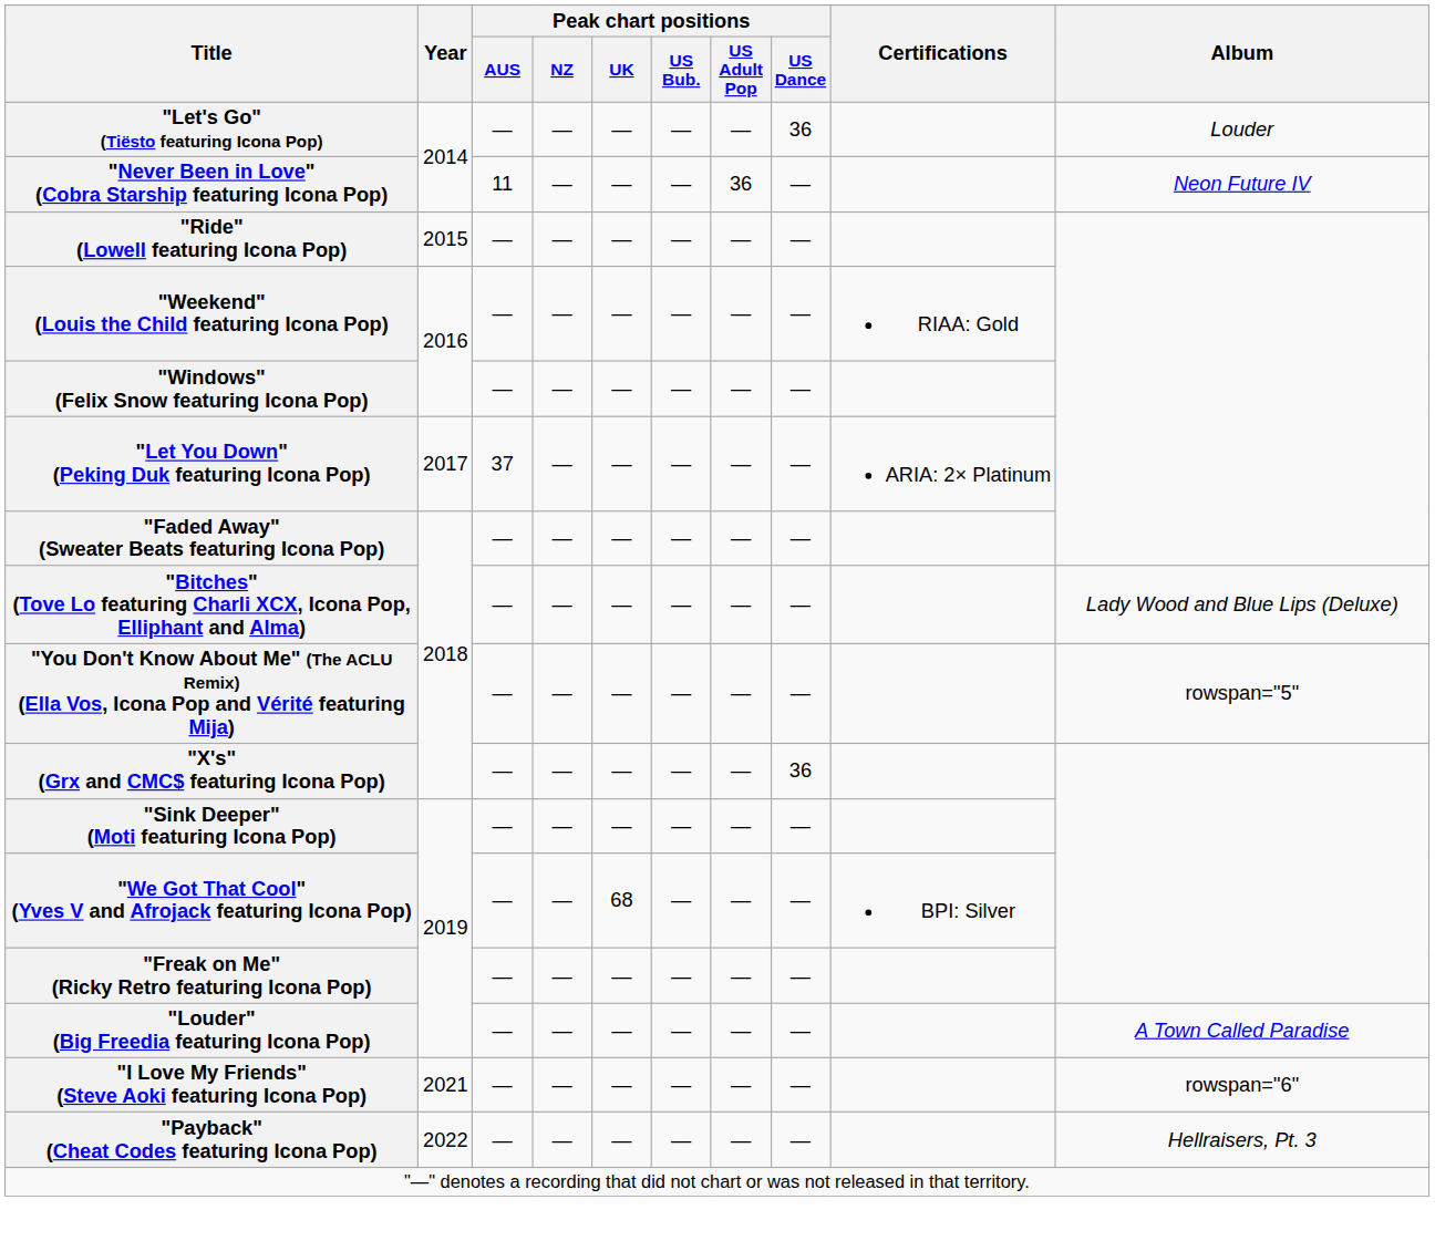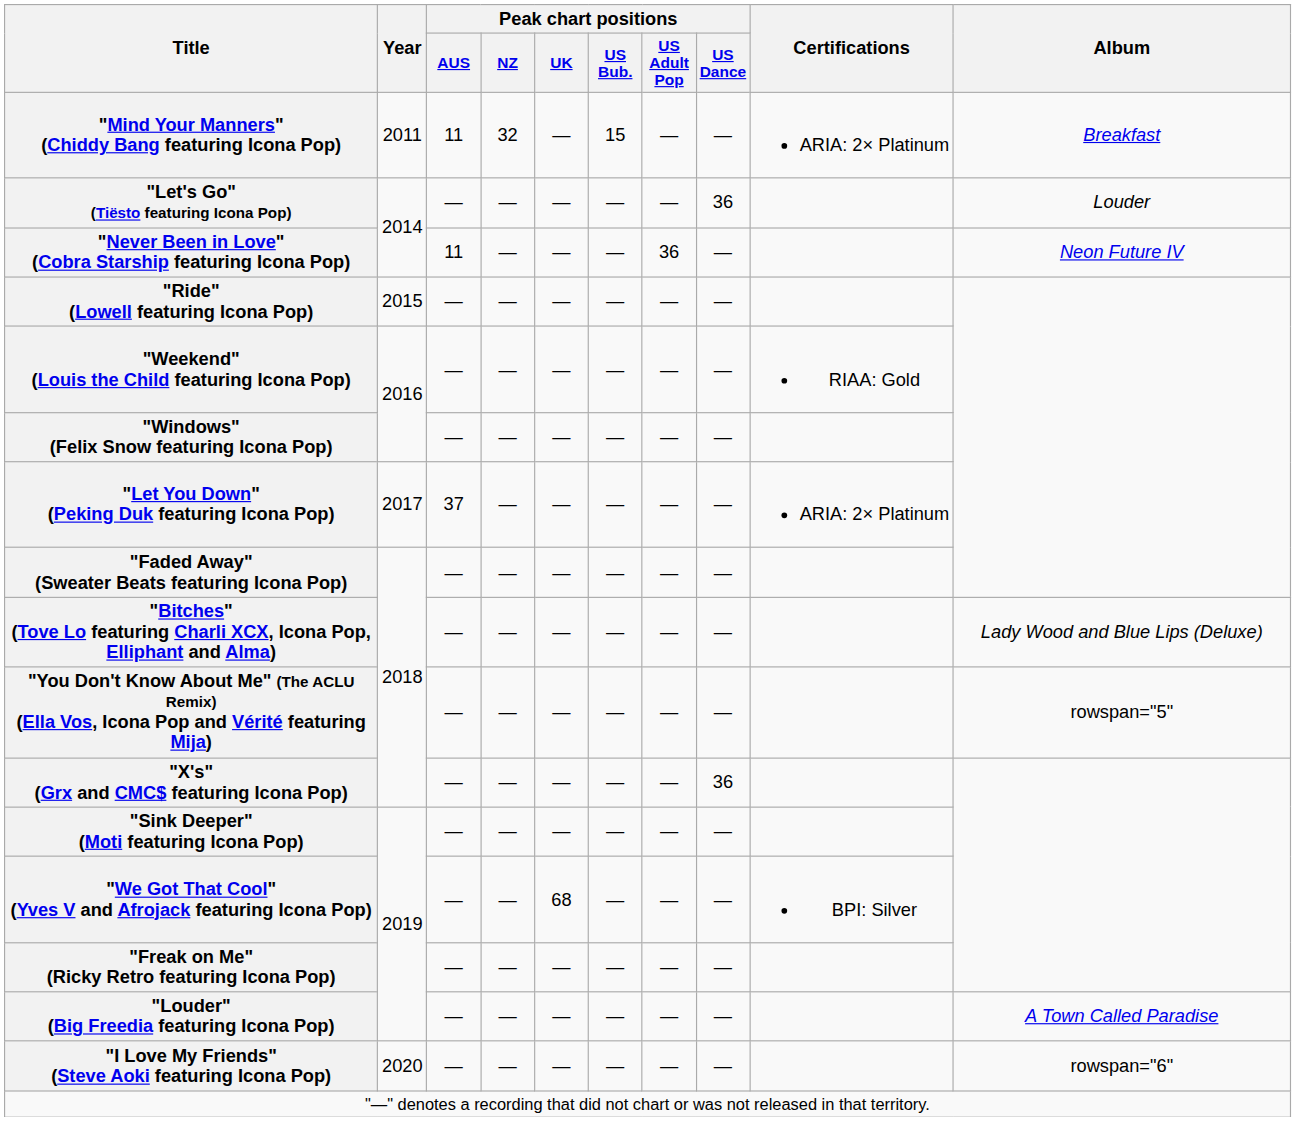 <table class="wikitable plainrowheaders" style="text-align:center;" border="1">
 <tr>
 <th scope="col" rowspan="2" style="width:20em;">Title</th>
 <th scope="col" rowspan="2" style="width:1em;">Year</th>
 <th scope="col" colspan="6">Peak chart positions</th>
 <th scope="col" rowspan="2">Certifications</th>
 <th scope="col" rowspan="2" style="width:18em;">Album</th>
 </tr>
 <tr>
 <th scope="col" style="width:3em;font-size:85%;"><a href='#'>AUS</a><br></th>
 <th scope="col" style="width:3em;font-size:85%;"><a href='#'>NZ</a><br></th>
 <th scope="col" style="width:3em;font-size:85%;"><a href='#'>UK</a><br></th>
 <th scope="col" style="width:3em;font-size:85%;"><a href='#'>US<br>Bub.</a><br></th>
 <th scope="col" style="width:3em;font-size:85%;"><a href='#'>US<br>Adult<br>Pop</a><br></th>
 <th scope="col" style="width:3em;font-size:85%;"><a href='#'>US<br>Dance</a><br></th>
+</tr>
+<tr>
+<th scope="row">"<a href='#'>Mind Your Manners</a>"<br><span>(<a href='#'>Chiddy Bang</a> featuring Icona Pop)</span></th>
+<td>2011</td>
+<td>11</td>
+<td>32</td>
+<td>—</td>
+<td>15</td>
+<td>—</td>
+<td>—</td>
+<td><br><ul><li>ARIA: 2× Platinum</li></ul></td>
+<td><em><a href='#'>Breakfast</a></em></td>
 </tr>
 <tr>
 <th scope="row">"Let's Go"<br><small>(<a href='#'>Tiësto</a> featuring Icona Pop)</small></th>
 <td rowspan="2">2014</td>
 <td>—</td>
 <td>—</td>
 <td>—</td>
 <td>—</td>
 <td>—</td>
 <td>36</td>
 <td></td>
 <td><em>Louder</em></td>
 </tr>
 <tr>
 <th scope="row">"<a href='#'>Never Been in Love</a>"<br><span>(<a href='#'>Cobra Starship</a> featuring Icona Pop)</span></th>
 <td>11</td>
 <td>—</td>
 <td>—</td>
 <td>—</td>
 <td>36</td>
 <td>—</td>
 <td></td>
 <td><em><a href='#'>Neon Future IV</a></em></td>
 </tr>
 <tr>
 <th scope="row">"Ride"<br><span>(<a href='#'>Lowell</a> featuring Icona Pop)</span></th>
 <td>2015</td>
 <td>—</td>
 <td>—</td>
 <td>—</td>
 <td>—</td>
 <td>—</td>
 <td>—</td>
 <td></td>
 </tr>
 <tr>
 <th scope="row">"Weekend"<br><span>(<a href='#'>Louis the Child</a> featuring Icona Pop)</span></th>
 <td rowspan="2">2016</td>
 <td>—</td>
 <td>—</td>
 <td>—</td>
 <td>—</td>
 <td>—</td>
 <td>—</td>
 <td><br><ul><li>RIAA: Gold</li></ul></td>
 </tr>
 <tr>
 <th scope="row">"Windows" <br><span>(Felix Snow featuring Icona Pop) </span></th>
 <td>—</td>
 <td>—</td>
 <td>—</td>
 <td>—</td>
 <td>—</td>
 <td>—</td>
 <td></td>
 </tr>
 <tr>
 <th scope="row">"<a href='#'>Let You Down</a>"<br><span>(<a href='#'>Peking Duk</a> featuring Icona Pop)</span></th>
 <td>2017</td>
 <td>37</td>
 <td>—</td>
 <td>—</td>
 <td>—</td>
 <td>—</td>
 <td>—</td>
 <td><br><ul><li>ARIA: 2× Platinum</li></ul></td>
 </tr>
 <tr>
 <th scope="row">"Faded Away"<br><span>(Sweater Beats featuring Icona Pop)</span></th>
 <td rowspan="4">2018</td>
 <td>—</td>
 <td>—</td>
 <td>—</td>
 <td>—</td>
 <td>—</td>
 <td>—</td>
 <td></td>
 </tr>
 <tr>
 <th scope="row">"<a href='#'>Bitches</a>"<br><span>(<a href='#'>Tove Lo</a> featuring <a href='#'>Charli XCX</a>, Icona Pop, <a href='#'>Elliphant</a> and <a href='#'>Alma</a>)</span></th>
 <td>—</td>
 <td>—</td>
 <td>—</td>
 <td>—</td>
 <td>—</td>
 <td>—</td>
 <td></td>
 <td><em>Lady Wood and Blue Lips (Deluxe)</em></td>
 </tr>
 <tr>
 <th scope="row">"You Don't Know About Me" <small>(The ACLU Remix)</small><br><span>(<a href='#'>Ella Vos</a>, Icona Pop and <a href='#'>Vérité</a> featuring <a href='#'>Mija</a>)</span></th>
 <td>—</td>
 <td>—</td>
 <td>—</td>
 <td>—</td>
 <td>—</td>
 <td>—</td>
 <td></td>
 <td>rowspan="5" </td>
 </tr>
 <tr>
 <th scope="row">"X's" <br><span>(<a href='#'>Grx</a> and <a href='#'>CMC$</a> featuring Icona Pop)</span></th>
 <td>—</td>
 <td>—</td>
 <td>—</td>
 <td>—</td>
 <td>—</td>
 <td>36</td>
 <td></td>
 </tr>
 <tr>
 <th scope="row">"Sink Deeper" <br><span>(<a href='#'>Moti</a> featuring Icona Pop)</span></th>
 <td rowspan="4">2019</td>
 <td>—</td>
 <td>—</td>
 <td>—</td>
 <td>—</td>
 <td>—</td>
 <td>—</td>
 <td></td>
 </tr>
 <tr>
 <th scope="row">"<a href='#'>We Got That Cool</a>" <br><span>(<a href='#'>Yves V</a> and <a href='#'>Afrojack</a> featuring Icona Pop)</span></th>
 <td>—</td>
 <td>—</td>
 <td>68</td>
 <td>—</td>
 <td>—</td>
 <td>—</td>
 <td><br><ul><li>BPI: Silver</li></ul></td>
 </tr>
 <tr>
 <th scope="row">"Freak on Me" <br><span>(Ricky Retro featuring Icona Pop)</span></th>
 <td>—</td>
 <td>—</td>
 <td>—</td>
 <td>—</td>
 <td>—</td>
 <td>—</td>
 <td></td>
 </tr>
 <tr>
 <th scope="row">"Louder" <br><span>(<a href='#'>Big Freedia</a> featuring Icona Pop)</span></th>
 <td>—</td>
 <td>—</td>
 <td>—</td>
 <td>—</td>
 <td>—</td>
 <td>—</td>
 <td></td>
 <td><em><a href='#'>A Town Called Paradise</a></em></td>
 </tr>
 <tr>
 <th scope="row">"I Love My Friends" <br><span>(<a href='#'>Steve Aoki</a> featuring Icona Pop)</span></th>
-<td>2021</td>
+<td>2020</td>
 <td>—</td>
 <td>—</td>
 <td>—</td>
 <td>—</td>
 <td>—</td>
 <td>—</td>
 <td></td>
 <td>rowspan="6" </td>
 </tr>
 <tr>
-<th scope="row">"Payback" <br><span>(<a href='#'>Cheat Codes</a> featuring Icona Pop)</span></th>
-<td>2022</td>
-<td>—</td>
-<td>—</td>
-<td>—</td>
-<td>—</td>
-<td>—</td>
-<td>—</td>
-<td></td>
-<td><em>Hellraisers, Pt. 3</em></td>
-</tr>
-<tr>
 <td colspan="10" style="font-size:90%">"—" denotes a recording that did not chart or was not released in that territory.</td>
 </tr>
 </table>
